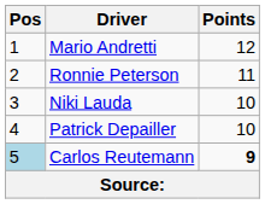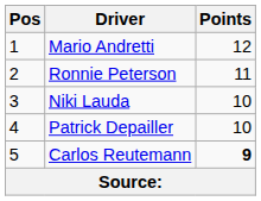 <table class="wikitable" style="font-size: 95%;">
 <tr>
 <th>Pos</th>
 <th>Driver</th>
 <th>Points</th>
 </tr>
 <tr>
 <td>1</td>
 <td> <a href='#'>Mario Andretti</a></td>
 <td align="right">12</td>
 </tr>
 <tr>
 <td>2</td>
 <td> <a href='#'>Ronnie Peterson</a></td>
 <td align="right">11</td>
 </tr>
 <tr>
 <td>3</td>
 <td> <a href='#'>Niki Lauda</a></td>
 <td align="right">10</td>
 </tr>
 <tr>
 <td>4</td>
 <td> <a href='#'>Patrick Depailler</a></td>
 <td align="right">10</td>
 </tr>
 <tr>
-<td style="background: lightblue;">5</td>
+<td>5</td>
 <td> <a href='#'>Carlos Reutemann</a></td>
 <td align="right"><strong>9</strong></td>
 </tr>
 <tr>
 <th colspan=4>Source:</th>
 </tr>
 </table>
